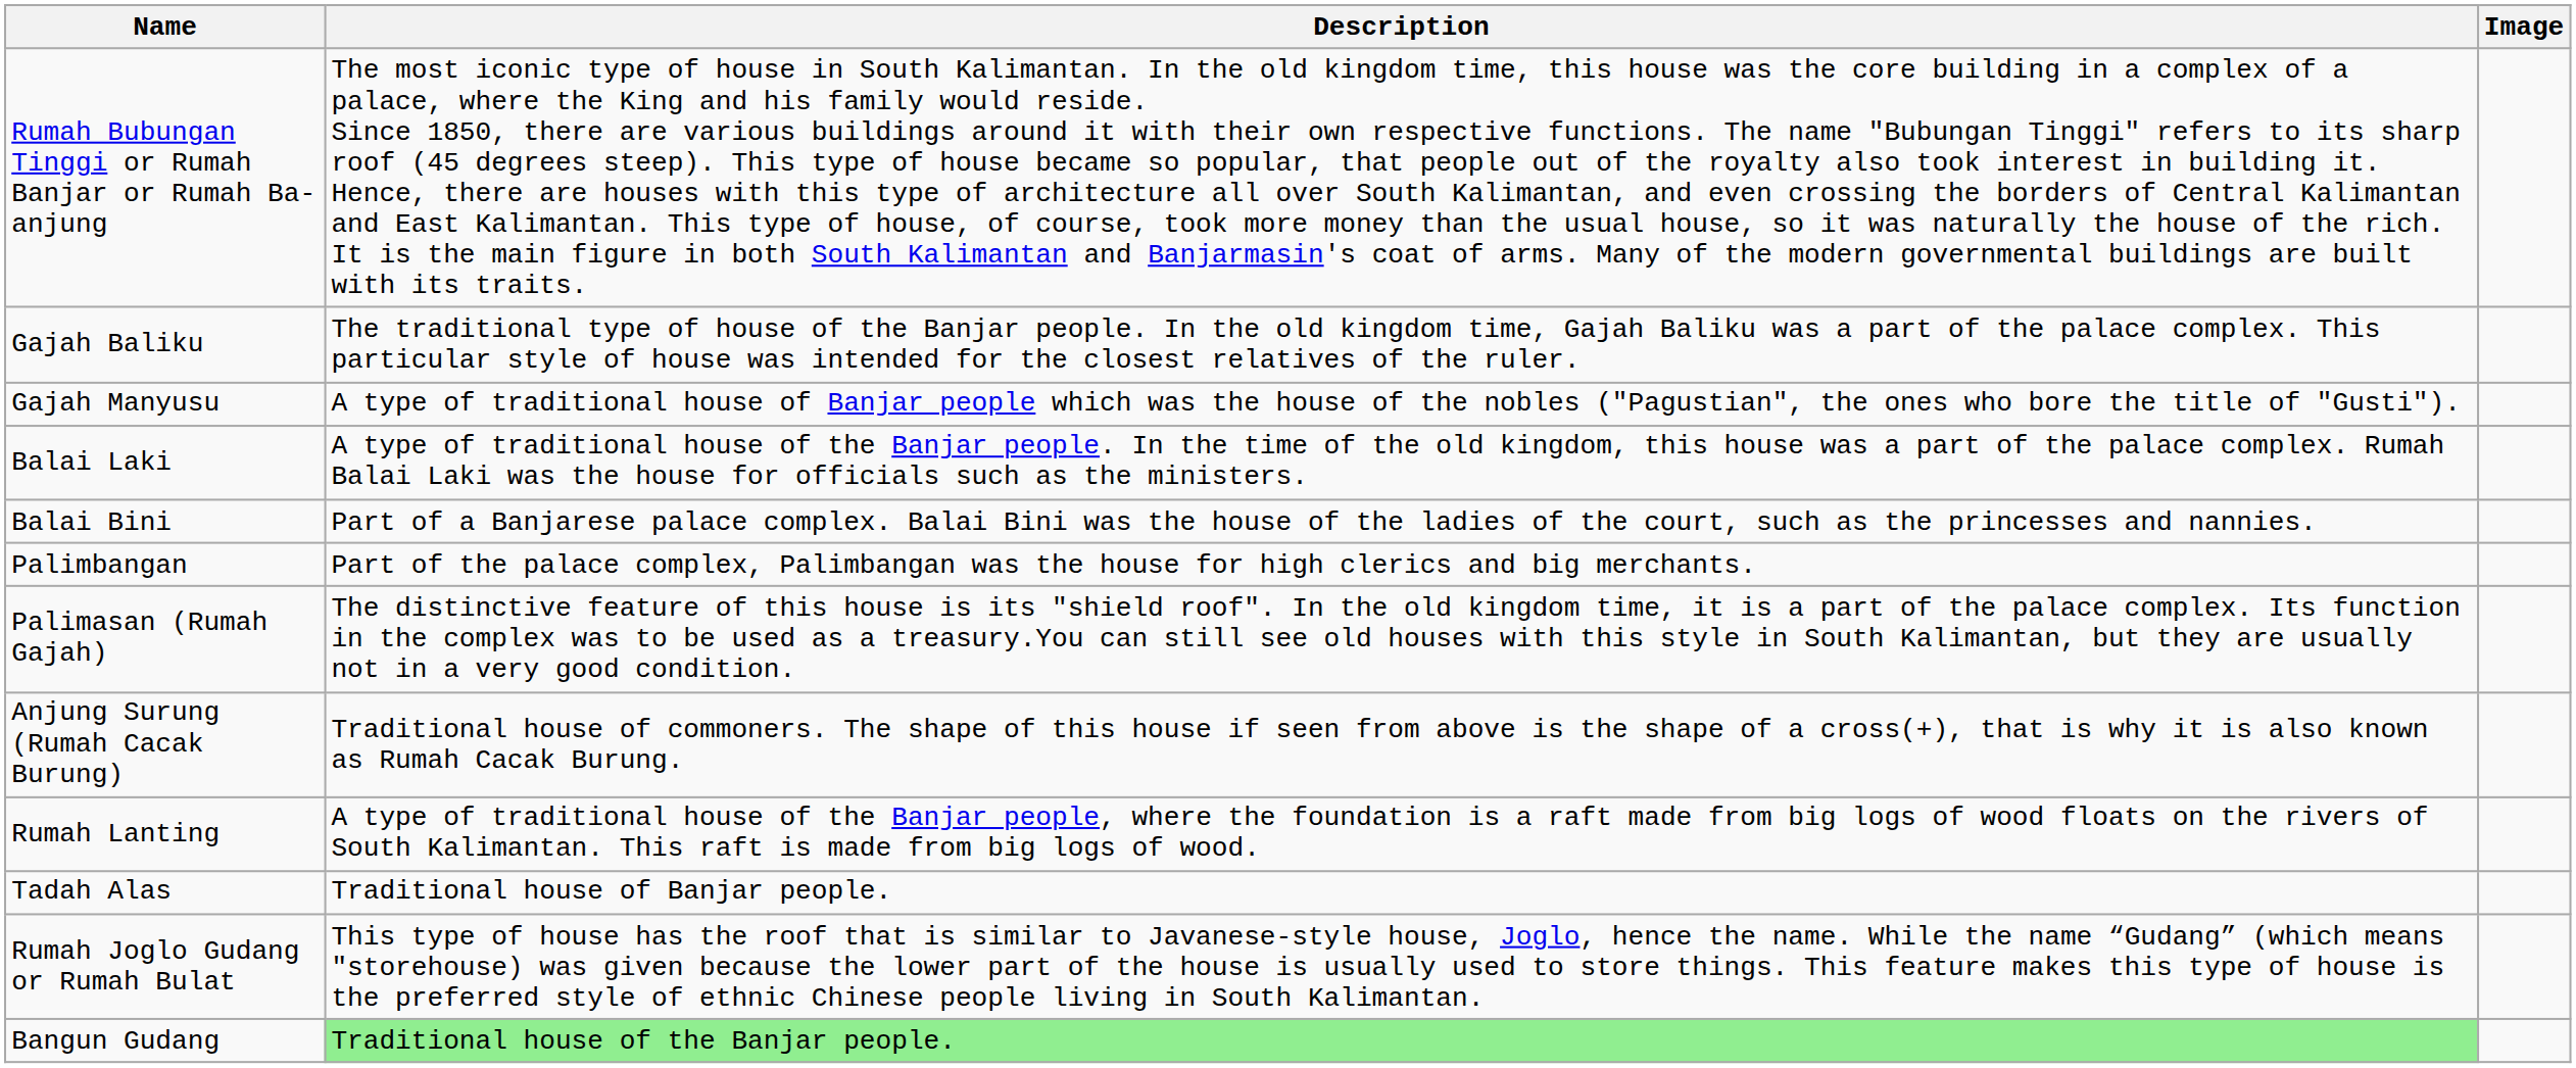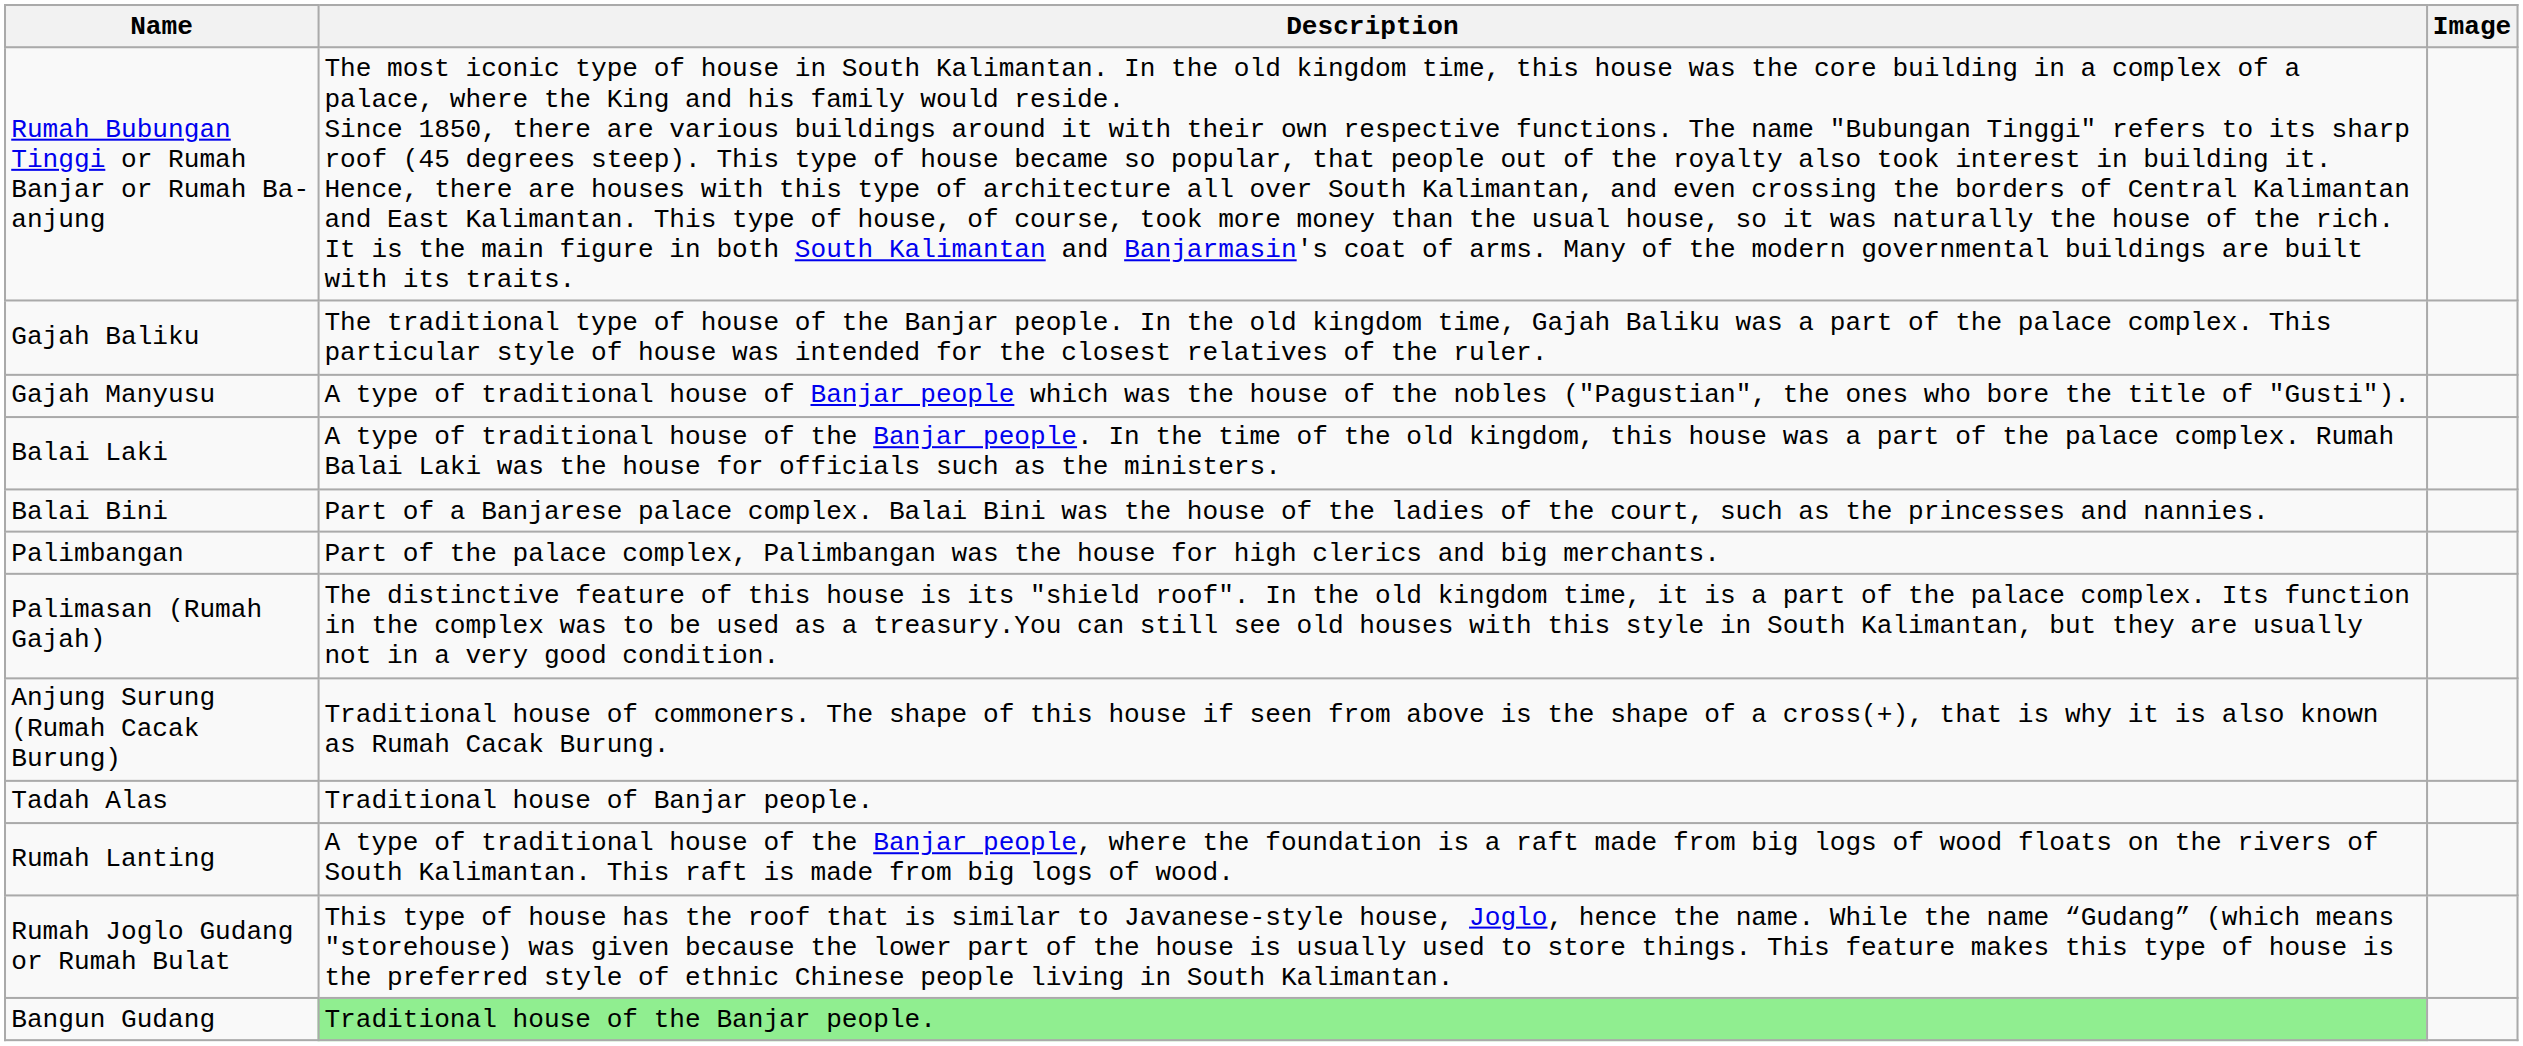 <table class="wikitable">
 <tr>
 <th>Name</th>
 <th>Description</th>
 <th>Image</th>
 </tr>
 <tr>
 <td><a href='#'>Rumah Bubungan Tinggi</a> or Rumah Banjar or Rumah Ba-anjung</td>
 <td>The most iconic type of house in South Kalimantan. In the old kingdom time, this house was the core building in a complex of a palace, where the King and his family would reside.<br>Since 1850, there are various buildings around it with their own respective functions. The name "Bubungan Tinggi" refers to its sharp roof (45 degrees steep). This type of house became so popular, that people out of the royalty also took interest in building it. Hence, there are houses with this type of architecture all over South Kalimantan, and even crossing the borders of Central Kalimantan and East Kalimantan. This type of house, of course, took more money than the usual house, so it was naturally the house of the rich. It is the main figure in both <a href='#'>South Kalimantan</a> and <a href='#'>Banjarmasin</a>'s coat of arms. Many of the modern governmental buildings are built with its traits.</td>
 <td></td>
 </tr>
 <tr>
 <td>Gajah Baliku</td>
 <td>The traditional type of house of the Banjar people. In the old kingdom time, Gajah Baliku was a part of the palace complex. This particular style of house was intended for the closest relatives of the ruler.</td>
 <td></td>
 </tr>
 <tr>
 <td>Gajah Manyusu</td>
 <td>A type of traditional house of <a href='#'>Banjar people</a> which was the house of the nobles ("Pagustian", the ones who bore the title of "Gusti").</td>
 <td></td>
 </tr>
 <tr>
 <td>Balai Laki</td>
 <td>A type of traditional house of the <a href='#'>Banjar people</a>. In the time of the old kingdom, this house was a part of the palace complex. Rumah Balai Laki was the house for officials such as the ministers.</td>
 <td></td>
 </tr>
 <tr>
 <td>Balai Bini</td>
 <td>Part of a Banjarese palace complex. Balai Bini was the house of the ladies of the court, such as the princesses and nannies.</td>
 <td></td>
 </tr>
 <tr>
 <td>Palimbangan</td>
 <td>Part of the palace complex, Palimbangan was the house for high clerics and big merchants.</td>
 <td></td>
 </tr>
 <tr>
 <td>Palimasan (Rumah Gajah)</td>
 <td>The distinctive feature of this house is its "shield roof". In the old kingdom time, it is a part of the palace complex. Its function in the complex was to be used as a treasury.You can still see old houses with this style in South Kalimantan, but they are usually not in a very good condition.</td>
 <td></td>
 </tr>
 <tr>
 <td>Anjung Surung (Rumah Cacak Burung)</td>
 <td>Traditional house of commoners. The shape of this house if seen from above is the shape of a cross(+), that is why it is also known as Rumah Cacak Burung.</td>
 <td></td>
 </tr>
 <tr>
-<td>Rumah Lanting</td>
-<td>A type of traditional house of the <a href='#'>Banjar people</a>, where the foundation is a raft made from big logs of wood floats on the rivers of South Kalimantan. This raft is made from big logs of wood.</td>
+<td>Tadah Alas</td>
+<td>Traditional house of Banjar people.</td>
 <td></td>
 </tr>
 <tr>
-<td>Tadah Alas</td>
-<td>Traditional house of Banjar people.</td>
+<td>Rumah Lanting</td>
+<td>A type of traditional house of the <a href='#'>Banjar people</a>, where the foundation is a raft made from big logs of wood floats on the rivers of South Kalimantan. This raft is made from big logs of wood.</td>
 <td></td>
 </tr>
 <tr>
 <td>Rumah Joglo Gudang or Rumah Bulat</td>
 <td>This type of house has the roof that is similar to Javanese-style house, <a href='#'>Joglo</a>, hence the name. While the name “Gudang”  (which means "storehouse) was given because the lower part of the house is usually used to store things. This feature makes this type of house is the preferred style of ethnic Chinese people living in South Kalimantan.</td>
 <td></td>
 </tr>
 <tr>
 <td>Bangun Gudang</td>
 <td style="background: lightgreen;">Traditional house of the Banjar people.</td>
 </tr>
 </table>
